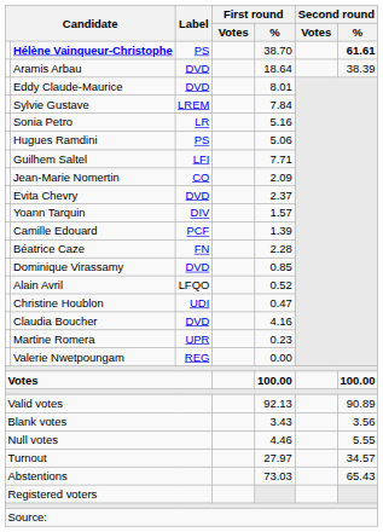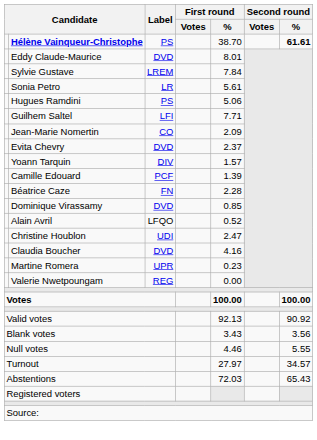 <table class="wikitable" style="text-align:right;font-size:95%;">
 <tr>
 <th rowspan="2" colspan="2">Candidate</th>
 <th rowspan="2">Label</th>
 <th colspan="2">First round</th>
 <th colspan="2">Second round</th>
 </tr>
 <tr>
 <th style="width:50px;">Votes</th>
 <th style="width:45px;">%</th>
 <th style="width:50px;">Votes</th>
 <th style="width:45px;">%</th>
 </tr>
 <tr>
 <td style="color:inherit;background:"></td>
 <td style="text-align:left;"><strong><a href='#'>Hélène Vainqueur-Christophe</a></strong></td>
 <td><a href='#'>PS</a></td>
 <td></td>
 <td>38.70</td>
 <td><strong></strong></td>
 <td><strong>61.61</strong></td>
 </tr>
 <tr>
 <td style="color:inherit;background:"></td>
-<td style="text-align:left;">Aramis Arbau</td>
-<td><a href='#'>DVD</a></td>
-<td></td>
-<td>18.64</td>
-<td></td>
-<td>38.39</td>
-</tr>
-<tr>
-<td style="color:inherit;background:"></td>
 <td style="text-align:left;">Eddy Claude-Maurice</td>
 <td><a href='#'>DVD</a></td>
 <td></td>
 <td>8.01</td>
 <td colspan="2" rowspan="16" style="background:#E9E9E9;"></td>
 </tr>
 <tr>
 <td style="color:inherit;background:"></td>
 <td style="text-align:left;">Sylvie Gustave</td>
 <td><a href='#'>LREM</a></td>
 <td></td>
 <td>7.84</td>
 </tr>
 <tr>
 <td style="color:inherit;background:"></td>
 <td style="text-align:left;">Sonia Petro</td>
 <td><a href='#'>LR</a></td>
 <td></td>
-<td>5.16</td>
+<td>5.61</td>
 </tr>
 <tr>
 <td style="color:inherit;background:"></td>
 <td style="text-align:left;">Hugues Ramdini</td>
 <td><a href='#'>PS</a></td>
 <td></td>
 <td>5.06</td>
 </tr>
 <tr>
 <td style="color:inherit;background:"></td>
 <td style="text-align:left;">Guilhem Saltel</td>
 <td><a href='#'>LFI</a></td>
 <td></td>
 <td>7.71</td>
 </tr>
 <tr>
 <td style="color:inherit;background:"></td>
 <td style="text-align:left;">Jean-Marie Nomertin</td>
 <td><a href='#'>CO</a></td>
 <td></td>
 <td>2.09</td>
 </tr>
 <tr>
 <td style="color:inherit;background:"></td>
 <td style="text-align:left;">Evita Chevry</td>
 <td><a href='#'>DVD</a></td>
 <td></td>
 <td>2.37</td>
 </tr>
 <tr>
 <td style="color:inherit;background:"></td>
 <td style="text-align:left;">Yoann Tarquin</td>
 <td><a href='#'>DIV</a></td>
 <td></td>
 <td>1.57</td>
 </tr>
 <tr>
 <td style="color:inherit;background:"></td>
 <td style="text-align:left;">Camille Edouard</td>
 <td><a href='#'>PCF</a></td>
 <td></td>
 <td>1.39</td>
 </tr>
 <tr>
 <td style="color:inherit;background:"></td>
 <td style="text-align:left;">Béatrice Caze</td>
 <td><a href='#'>FN</a></td>
 <td></td>
 <td>2.28</td>
 </tr>
 <tr>
 <td style="color:inherit;background:"></td>
 <td style="text-align:left;">Dominique Virassamy</td>
 <td><a href='#'>DVD</a></td>
 <td></td>
 <td>0.85</td>
 </tr>
 <tr>
 <td style="color:inherit;background:"></td>
 <td style="text-align:left;">Alain Avril</td>
 <td>LFQO</td>
 <td></td>
 <td>0.52</td>
 </tr>
 <tr>
 <td style="color:inherit;background:"></td>
 <td style="text-align:left;">Christine Houblon</td>
 <td><a href='#'>UDI</a></td>
 <td></td>
-<td>0.47</td>
+<td>2.47</td>
 </tr>
 <tr>
 <td style="color:inherit;background:"></td>
 <td style="text-align:left;">Claudia Boucher</td>
 <td><a href='#'>DVD</a></td>
 <td></td>
 <td>4.16</td>
 </tr>
 <tr>
 <td style="color:inherit;background:"></td>
 <td style="text-align:left;">Martine Romera</td>
 <td><a href='#'>UPR</a></td>
 <td></td>
 <td>0.23</td>
 </tr>
 <tr>
 <td style="color:inherit;background:"></td>
 <td style="text-align:left;">Valerie Nwetpoungam</td>
 <td><a href='#'>REG</a></td>
 <td></td>
 <td>0.00</td>
 </tr>
 <tr>
 <td colspan="7" style="background:#E9E9E9;"></td>
 </tr>
 <tr style="font-weight:bold;">
 <td colspan="3" style="text-align:left;">Votes</td>
 <td></td>
 <td>100.00</td>
 <td></td>
 <td>100.00</td>
 </tr>
 <tr>
 <td colspan="7" style="background:#E9E9E9;"></td>
 </tr>
 <tr>
 <td colspan="3" style="text-align:left;">Valid votes</td>
 <td></td>
 <td>92.13</td>
 <td></td>
-<td>90.89</td>
+<td>90.92</td>
 </tr>
 <tr>
 <td colspan="3" style="text-align:left;">Blank votes</td>
 <td></td>
 <td>3.43</td>
 <td></td>
 <td>3.56</td>
 </tr>
 <tr>
 <td colspan="3" style="text-align:left;">Null votes</td>
 <td></td>
 <td>4.46</td>
 <td></td>
 <td>5.55</td>
 </tr>
 <tr>
 <td colspan="3" style="text-align:left;">Turnout</td>
 <td></td>
 <td>27.97</td>
 <td></td>
 <td>34.57</td>
 </tr>
 <tr>
 <td colspan="3" style="text-align:left;">Abstentions</td>
 <td></td>
-<td>73.03</td>
+<td>72.03</td>
 <td></td>
 <td>65.43</td>
 </tr>
 <tr>
 <td colspan="3" style="text-align:left;">Registered voters</td>
 <td></td>
 <td style="background:#E9E9E9;"></td>
 <td></td>
 <td style="background:#E9E9E9;"></td>
 </tr>
 <tr>
 <td colspan="7" style="background:#E9E9E9;"></td>
 </tr>
 <tr>
 <td colspan="7" style="text-align:left;">Source: </td>
 </tr>
 </table>
